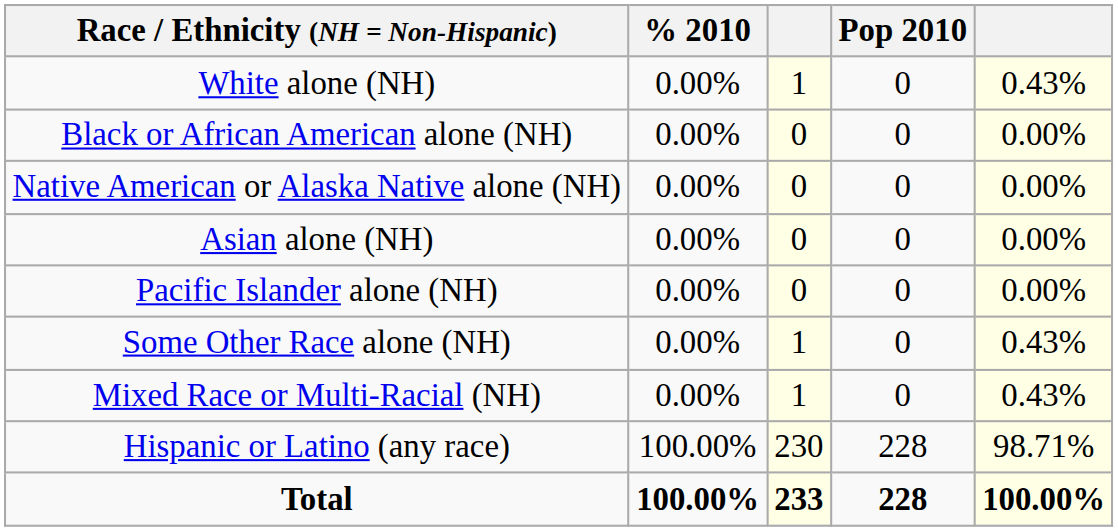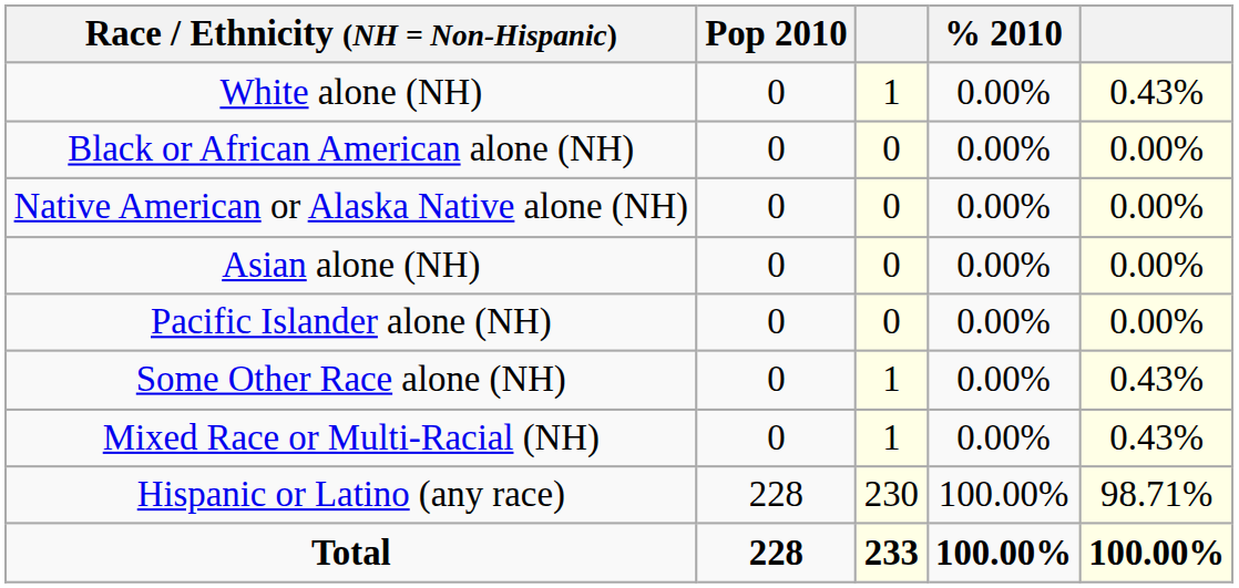 <table class="wikitable" style="text-align:center;">
 <tr>
 <th>Race / Ethnicity <small>(<em>NH = Non-Hispanic</em>)</small></th>
+<th>Pop 2010</th>
+<th></th>
 <th>% 2010</th>
-<th></th>
-<th>Pop 2010</th>
 <th></th>
 </tr>
 <tr>
 <td><a href='#'>White</a> alone (NH)</td>
+<td>0</td>
+<td style='background: #ffffe6;'>1</td>
 <td>0.00%</td>
-<td style='background: #ffffe6;'>1</td>
-<td>0</td>
 <td style='background: #ffffe6;'>0.43%</td>
 </tr>
 <tr>
 <td><a href='#'>Black or African American</a> alone (NH)</td>
+<td>0</td>
+<td style='background: #ffffe6;'>0</td>
 <td>0.00%</td>
-<td style='background: #ffffe6;'>0</td>
-<td>0</td>
 <td style='background: #ffffe6;'>0.00%</td>
 </tr>
 <tr>
 <td><a href='#'>Native American</a> or <a href='#'>Alaska Native</a> alone (NH)</td>
+<td>0</td>
+<td style='background: #ffffe6;'>0</td>
 <td>0.00%</td>
-<td style='background: #ffffe6;'>0</td>
-<td>0</td>
 <td style='background: #ffffe6;'>0.00%</td>
 </tr>
 <tr>
 <td><a href='#'>Asian</a> alone (NH)</td>
+<td>0</td>
+<td style='background: #ffffe6;'>0</td>
 <td>0.00%</td>
-<td style='background: #ffffe6;'>0</td>
-<td>0</td>
 <td style='background: #ffffe6;'>0.00%</td>
 </tr>
 <tr>
 <td><a href='#'>Pacific Islander</a> alone (NH)</td>
+<td>0</td>
+<td style='background: #ffffe6;'>0</td>
 <td>0.00%</td>
-<td style='background: #ffffe6;'>0</td>
-<td>0</td>
 <td style='background: #ffffe6;'>0.00%</td>
 </tr>
 <tr>
 <td><a href='#'>Some Other Race</a> alone (NH)</td>
+<td>0</td>
+<td style='background: #ffffe6;'>1</td>
 <td>0.00%</td>
-<td style='background: #ffffe6;'>1</td>
-<td>0</td>
 <td style='background: #ffffe6;'>0.43%</td>
 </tr>
 <tr>
 <td><a href='#'>Mixed Race or Multi-Racial</a> (NH)</td>
+<td>0</td>
+<td style='background: #ffffe6;'>1</td>
 <td>0.00%</td>
-<td style='background: #ffffe6;'>1</td>
-<td>0</td>
 <td style='background: #ffffe6;'>0.43%</td>
 </tr>
 <tr>
 <td><a href='#'>Hispanic or Latino</a> (any race)</td>
+<td>228</td>
+<td style='background: #ffffe6;'>230</td>
 <td>100.00%</td>
-<td style='background: #ffffe6;'>230</td>
-<td>228</td>
 <td style='background: #ffffe6;'>98.71%</td>
 </tr>
 <tr>
 <td><strong>Total</strong></td>
+<td><strong>228</strong></td>
+<td style='background: #ffffe6;'><strong>233</strong></td>
 <td><strong>100.00%</strong></td>
-<td style='background: #ffffe6;'><strong>233</strong></td>
-<td><strong>228</strong></td>
 <td style='background: #ffffe6;'><strong>100.00%</strong></td>
 </tr>
 </table>
